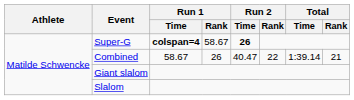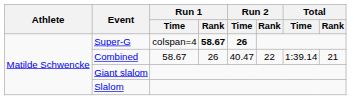 <table class="wikitable" style="font-size:90%">
 <tr>
 <th rowspan=2>Athlete</th>
 <th rowspan=2>Event</th>
 <th colspan=2>Run 1</th>
 <th colspan=2>Run 2</th>
 <th colspan=2>Total</th>
 </tr>
 <tr style="font-size:95%">
 <th>Time</th>
 <th>Rank</th>
 <th>Time</th>
 <th>Rank</th>
 <th>Time</th>
 <th>Rank</th>
 </tr>
 <tr align=center>
 <td align="left" rowspan="4"><a href='#'>Matilde Schwencke</a></td>
 <td align="left"><a href='#'>Super-G</a></td>
-<td><strong>colspan=4</strong></td>
-<td>58.67</td>
+<td>colspan=4</td>
+<td><strong>58.67</strong></td>
 <td><strong>26</strong></td>
 </tr>
 <tr align=center>
 <td align="left"><a href='#'>Combined</a></td>
 <td>58.67</td>
 <td>26</td>
 <td>40.47</td>
 <td>22</td>
 <td>1:39.14</td>
 <td>21</td>
 </tr>
 <tr align=center>
 <td align="left"><a href='#'>Giant slalom</a></td>
 <td colspan=6></td>
 </tr>
 <tr align=center>
 <td align="left"><a href='#'>Slalom</a></td>
 <td colspan=6></td>
 </tr>
 </table>
